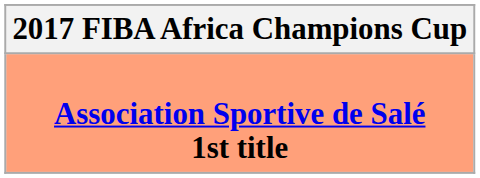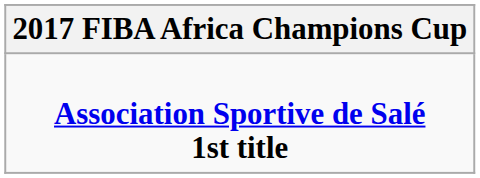 <table class=wikitable style="text-align:center; margin:auto">
 <tr>
 <th>2017 FIBA Africa Champions Cup</th>
 </tr>
 <tr>
-<td style="background: lightsalmon;"><br><strong><a href='#'>Association Sportive de Salé</a></strong><br><strong>1st title</strong></td>
+<td><br><strong><a href='#'>Association Sportive de Salé</a></strong><br><strong>1st title</strong></td>
 </tr>
 </table>
